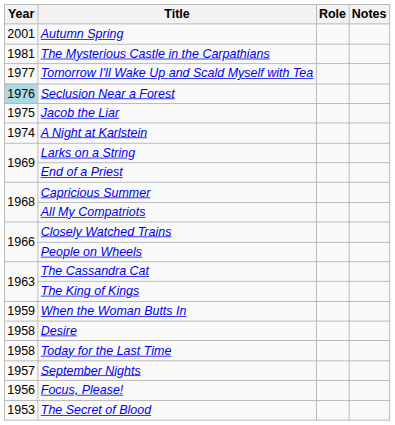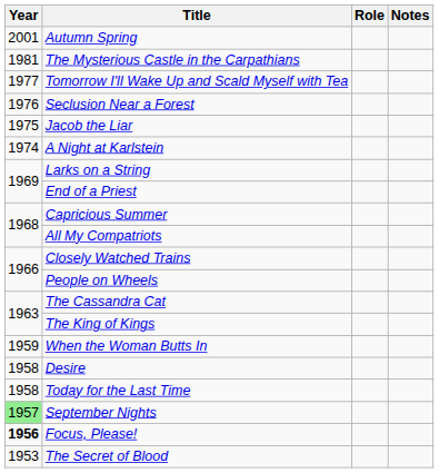 <table class="wikitable sortable">
 <tr>
 <th>Year</th>
 <th>Title</th>
 <th>Role</th>
 <th class="unsortable">Notes</th>
 </tr>
 <tr>
 <td>2001</td>
 <td><em><a href='#'>Autumn Spring</a></em></td>
 <td></td>
 <td></td>
 </tr>
 <tr>
 <td>1981</td>
 <td><em><a href='#'>The Mysterious Castle in the Carpathians</a></em></td>
 <td></td>
 <td></td>
 </tr>
 <tr>
 <td>1977</td>
 <td><em><a href='#'>Tomorrow I'll Wake Up and Scald Myself with Tea</a></em></td>
 <td></td>
 <td></td>
 </tr>
 <tr>
-<td style="background: lightblue;">1976</td>
+<td>1976</td>
 <td><em><a href='#'>Seclusion Near a Forest</a></em></td>
 <td></td>
 <td></td>
 </tr>
 <tr>
 <td>1975</td>
 <td><em><a href='#'>Jacob the Liar</a></em></td>
 <td></td>
 <td></td>
 </tr>
 <tr>
 <td>1974</td>
 <td><em><a href='#'>A Night at Karlstein</a></em></td>
 <td></td>
 <td></td>
 </tr>
 <tr>
 <td rowspan=2>1969</td>
 <td><em><a href='#'>Larks on a String</a></em></td>
 <td></td>
 <td></td>
 </tr>
 <tr>
 <td><em><a href='#'>End of a Priest</a></em></td>
 <td></td>
 <td></td>
 </tr>
 <tr>
 <td rowspan=2>1968</td>
 <td><em><a href='#'>Capricious Summer</a></em></td>
 <td></td>
 <td></td>
 </tr>
 <tr>
 <td><em><a href='#'>All My Compatriots</a></em></td>
 <td></td>
 <td></td>
 </tr>
 <tr>
 <td rowspan=2>1966</td>
 <td><em><a href='#'>Closely Watched Trains</a></em></td>
 <td></td>
 <td></td>
 </tr>
 <tr>
 <td><em><a href='#'>People on Wheels</a></em></td>
 <td></td>
 <td></td>
 </tr>
 <tr>
 <td rowspan=2>1963</td>
 <td><em><a href='#'>The Cassandra Cat</a></em></td>
 <td></td>
 <td></td>
 </tr>
 <tr>
 <td><em><a href='#'>The King of Kings</a></em></td>
 <td></td>
 <td></td>
 </tr>
 <tr>
 <td>1959</td>
 <td><em><a href='#'>When the Woman Butts In</a></em></td>
 <td></td>
 <td></td>
 </tr>
 <tr>
 <td>1958</td>
 <td><em><a href='#'>Desire</a></em></td>
 <td></td>
 <td></td>
 </tr>
 <tr>
 <td>1958</td>
 <td><em><a href='#'>Today for the Last Time</a></em></td>
 <td></td>
 <td></td>
 </tr>
 <tr>
-<td>1957</td>
+<td style="background: lightgreen;">1957</td>
 <td><em><a href='#'>September Nights</a></em></td>
 <td></td>
 <td></td>
 </tr>
 <tr>
-<td>1956</td>
+<td><strong>1956</strong></td>
 <td><em><a href='#'>Focus, Please!</a></em></td>
 <td></td>
 <td></td>
 </tr>
 <tr>
 <td>1953</td>
 <td><em><a href='#'>The Secret of Blood</a></em></td>
 <td></td>
 <td></td>
 </tr>
 </table>
